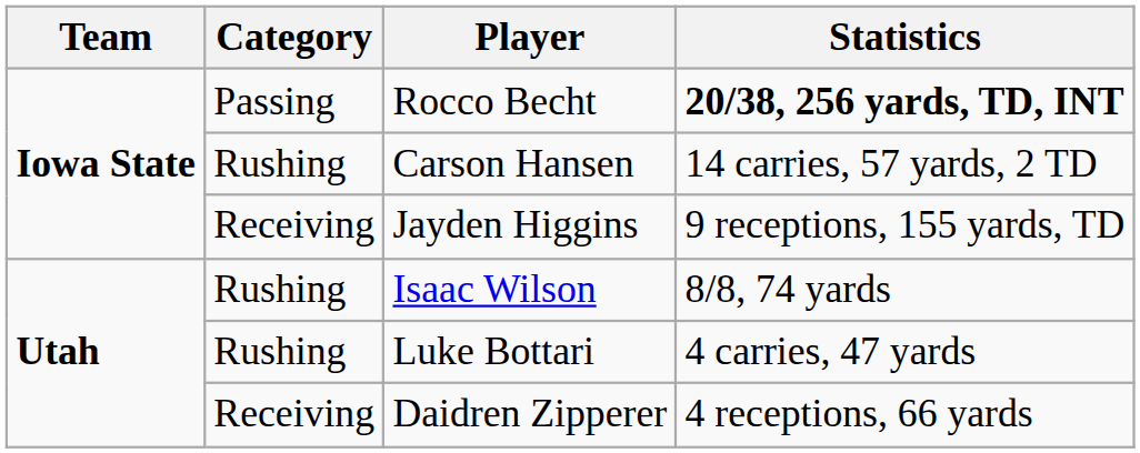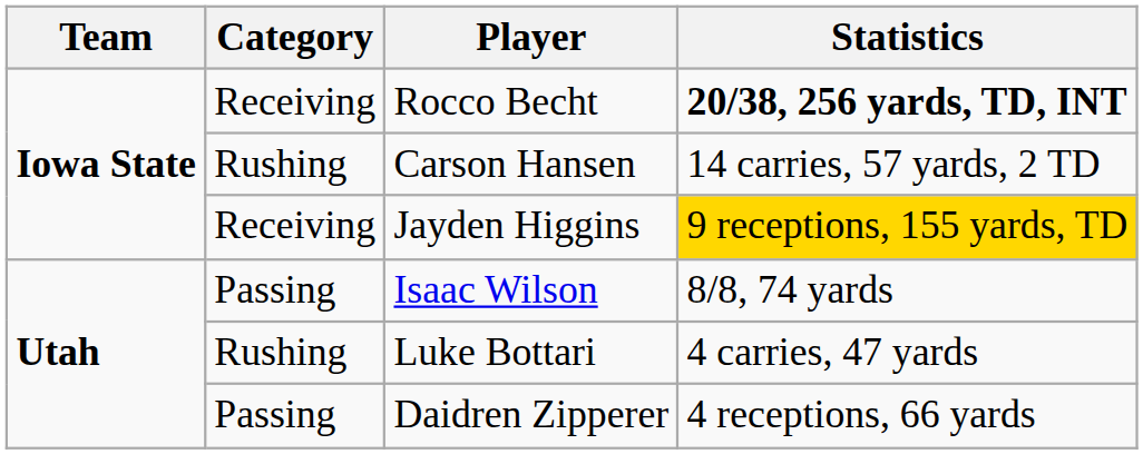 <table class="wikitable" style="float: right;">
 <tr>
 <th>Team</th>
 <th>Category</th>
 <th>Player</th>
 <th>Statistics</th>
 </tr>
 <tr>
 <td rowspan=3><strong>Iowa State</strong></td>
-<td>Passing</td>
+<td>Receiving</td>
 <td>Rocco Becht</td>
 <td><strong>20/38, 256 yards, TD, INT</strong></td>
 </tr>
 <tr>
 <td>Rushing</td>
 <td>Carson Hansen</td>
 <td>14 carries, 57 yards, 2 TD</td>
 </tr>
 <tr>
 <td>Receiving</td>
 <td>Jayden Higgins</td>
-<td>9 receptions, 155 yards, TD</td>
+<td style="background: gold;">9 receptions, 155 yards, TD</td>
 </tr>
 <tr>
 <td rowspan=3><strong>Utah</strong></td>
-<td>Rushing</td>
+<td>Passing</td>
 <td><a href='#'>Isaac Wilson</a></td>
 <td>8/8, 74 yards</td>
 </tr>
 <tr>
 <td>Rushing</td>
 <td>Luke Bottari</td>
 <td>4 carries, 47 yards</td>
 </tr>
 <tr>
-<td>Receiving</td>
+<td>Passing</td>
 <td>Daidren Zipperer</td>
 <td>4 receptions, 66 yards</td>
 </tr>
 </table>
